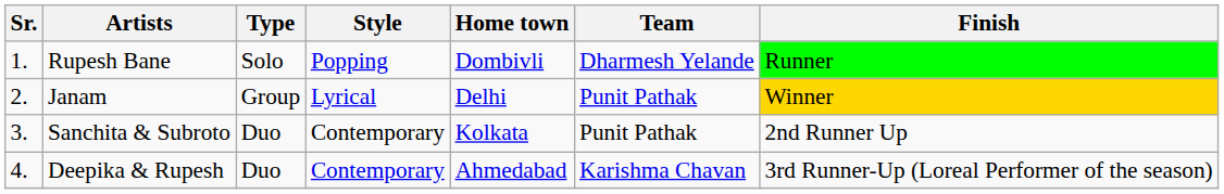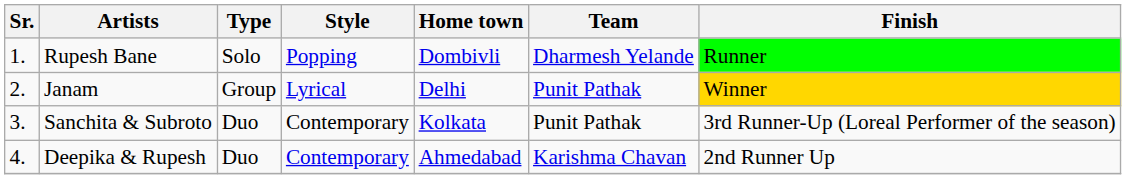 <table class="wikitable">
 <tr>
 <th>Sr.</th>
 <th>Artists</th>
 <th>Type</th>
 <th>Style</th>
 <th>Home town</th>
 <th>Team</th>
 <th>Finish</th>
 </tr>
 <tr Winner>
 <td>1.</td>
 <td>Rupesh Bane</td>
 <td>Solo</td>
 <td><a href='#'>Popping</a></td>
 <td><a href='#'>Dombivli</a></td>
 <td><a href='#'>Dharmesh Yelande</a></td>
 <td bgcolor=lime>Runner</td>
 </tr>
 <tr>
 <td>2.</td>
 <td>Janam</td>
 <td>Group</td>
 <td><a href='#'>Lyrical</a></td>
 <td><a href='#'>Delhi</a></td>
 <td><a href='#'>Punit Pathak</a></td>
 <td bgcolor=gold>Winner</td>
 </tr>
 <tr>
 <td>3.</td>
 <td>Sanchita & Subroto</td>
 <td>Duo</td>
 <td Contemporary dance>Contemporary</td>
 <td><a href='#'>Kolkata</a></td>
 <td>Punit Pathak</td>
-<td>2nd Runner Up</td>
+<td>3rd Runner-Up (Loreal Performer of the season)</td>
 </tr>
 <tr>
 <td>4.</td>
 <td>Deepika & Rupesh</td>
 <td>Duo</td>
 <td><a href='#'>Contemporary</a></td>
 <td><a href='#'>Ahmedabad</a></td>
 <td Karishma Chavan><a href='#'>Karishma Chavan</a></td>
-<td>3rd Runner-Up (Loreal Performer of the season)</td>
+<td>2nd Runner Up</td>
 </tr>
 <tr>
 </tr>
 </table>
